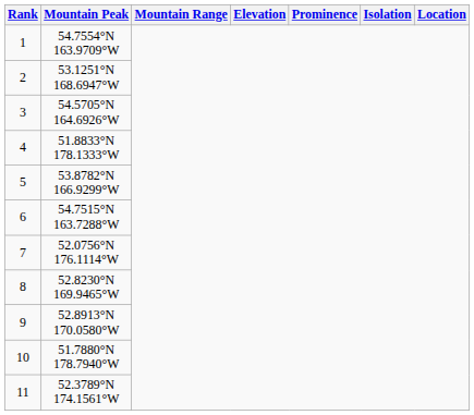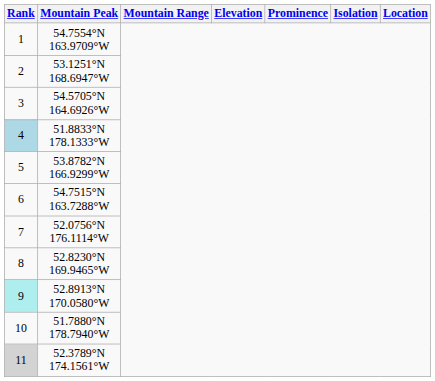 <table class="wikitable sortable">
 <tr>
 <th><a href='#'>Rank</a></th>
 <th><a href='#'>Mountain Peak</a></th>
 <th><a href='#'>Mountain Range</a></th>
 <th><a href='#'>Elevation</a></th>
 <th><a href='#'>Prominence</a></th>
 <th><a href='#'>Isolation</a></th>
 <th><a href='#'>Location</a></th>
 </tr>
 <tr>
 <td align=center>1<br>  </td>
 <td align=center>54.7554°N<br>163.9709°W</td>
 </tr>
 <tr>
 <td align=center>2<br>  </td>
 <td align=center>53.1251°N<br>168.6947°W</td>
 </tr>
 <tr>
 <td align=center>3<br>  </td>
 <td align=center>54.5705°N<br>164.6926°W</td>
 </tr>
 <tr>
-<td align=center>4<br>  </td>
+<td align=center style="background: lightblue;">4<br>  </td>
 <td align=center>51.8833°N<br>178.1333°W</td>
 </tr>
 <tr>
 <td align=center>5<br>  </td>
 <td align=center>53.8782°N<br>166.9299°W</td>
 </tr>
 <tr>
 <td align=center>6<br>  </td>
 <td align=center>54.7515°N<br>163.7288°W</td>
 </tr>
 <tr>
 <td align=center>7<br>  </td>
 <td align=center>52.0756°N<br>176.1114°W</td>
 </tr>
 <tr>
 <td align=center>8<br>  </td>
 <td align=center>52.8230°N<br>169.9465°W</td>
 </tr>
 <tr>
-<td align=center>9<br>  </td>
+<td align=center style="background: paleturquoise;">9<br>  </td>
 <td align=center>52.8913°N<br>170.0580°W</td>
 </tr>
 <tr>
 <td align=center>10<br>  </td>
 <td align=center>51.7880°N<br>178.7940°W</td>
 </tr>
 <tr>
-<td align=center>11<br>  </td>
+<td align=center style="background: lightgrey;">11<br>  </td>
 <td align=center>52.3789°N<br>174.1561°W</td>
 </tr>
 </table>
